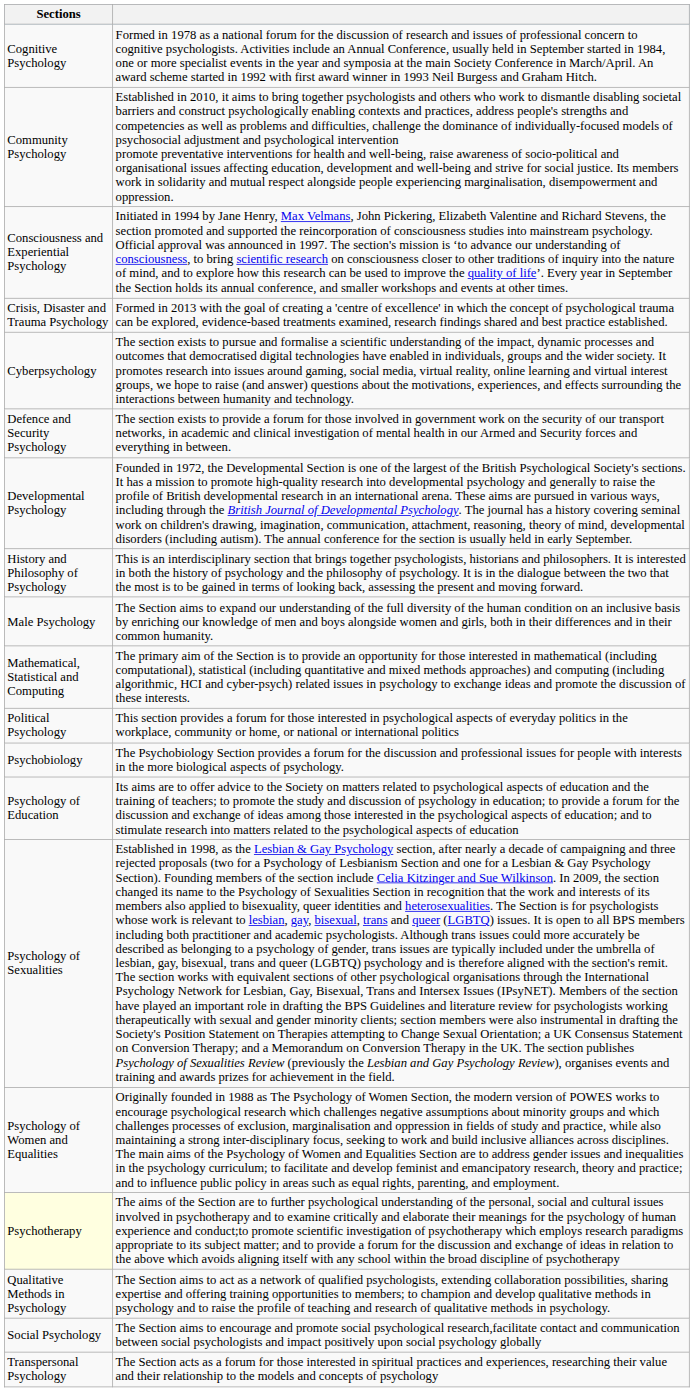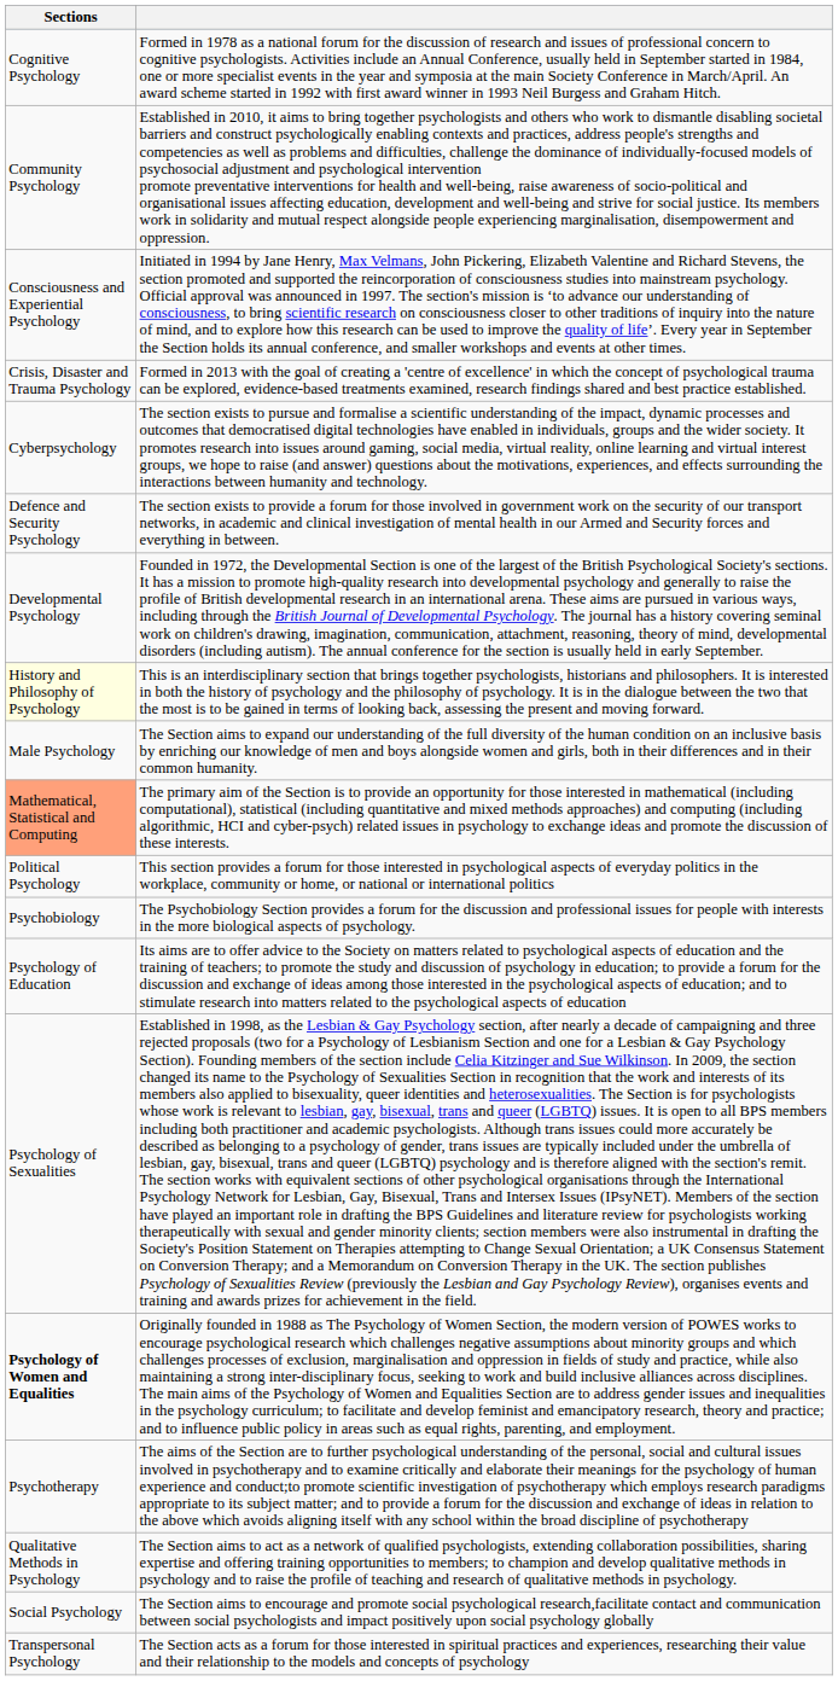 <table class="wikitable">
 <tr style="background:#adf;">
 <th>Sections</th>
 <th></th>
 </tr>
 <tr>
 <td>Cognitive Psychology</td>
 <td>Formed in 1978 as a national forum for the discussion of research and issues of professional concern to cognitive psychologists. Activities include an Annual Conference, usually held in September started in 1984, one or more specialist events in the year and symposia at the main Society Conference in March/April. An award scheme started in 1992 with first award winner in 1993 Neil Burgess and Graham Hitch.</td>
 </tr>
 <tr>
 <td>Community Psychology</td>
 <td>Established in 2010, it aims to bring together psychologists and others who work to dismantle disabling societal barriers and construct psychologically enabling contexts and practices, address people's strengths and competencies as well as problems and difficulties, challenge the dominance of individually-focused models of psychosocial adjustment and psychological intervention<br>promote preventative interventions for health and well-being, raise awareness of socio-political and organisational issues affecting education, development and well-being and strive for social justice. Its members work in solidarity and mutual respect alongside people experiencing marginalisation, disempowerment and oppression.</td>
 </tr>
 <tr>
 <td>Consciousness and Experiential Psychology</td>
 <td>Initiated in 1994 by Jane Henry, <a href='#'>Max Velmans</a>, John Pickering, Elizabeth Valentine and Richard Stevens, the section promoted and supported the reincorporation of consciousness studies into mainstream psychology. Official approval was announced in 1997. The section's mission is ‘to advance our understanding of <a href='#'>consciousness</a>,  to bring <a href='#'>scientific research</a> on consciousness closer to other traditions of inquiry into the nature of mind, and to explore how this research can be used to improve the <a href='#'>quality of life</a>’.  Every year in September the Section holds its annual conference, and smaller workshops and events at other times.</td>
 </tr>
 <tr>
 <td>Crisis, Disaster and Trauma Psychology</td>
 <td>Formed in 2013 with the goal of creating a 'centre of excellence' in which the concept of psychological trauma can be explored, evidence-based treatments examined, research findings shared and best practice established.</td>
 </tr>
 <tr>
 <td>Cyberpsychology</td>
 <td>The section exists to pursue and formalise a scientific understanding of the impact, dynamic processes and outcomes that democratised digital technologies have enabled in individuals, groups and the wider society. It promotes research into issues around gaming, social media, virtual reality, online learning and virtual interest groups, we hope to raise (and answer) questions about the motivations, experiences, and effects surrounding the interactions between humanity and technology.</td>
 </tr>
 <tr>
 <td>Defence and Security Psychology</td>
 <td>The section exists to provide a forum for those involved in government work on the security of our transport networks, in academic and clinical investigation of mental health in our Armed and Security forces and everything in between.</td>
 </tr>
 <tr>
 <td>Developmental Psychology</td>
 <td>Founded in 1972, the Developmental Section is one of the largest of the British Psychological Society's sections. It has a mission to promote high-quality research into developmental psychology and generally to raise the profile of British developmental research in an international arena. These aims are pursued in various ways, including through the <em><a href='#'>British Journal of Developmental Psychology</a></em>. The journal has a history covering seminal work on children's drawing, imagination, communication, attachment, reasoning, theory of mind, developmental disorders (including autism). The annual conference for the section is usually held in early September.</td>
 </tr>
 <tr>
-<td>History and Philosophy of Psychology</td>
+<td style="background: lightyellow;">History and Philosophy of Psychology</td>
 <td>This is an interdisciplinary section that brings together psychologists, historians and philosophers. It is interested in both the history of psychology and the philosophy of psychology.  It is in the dialogue between the two that the most is to be gained in terms of looking back, assessing the present and moving forward.</td>
 </tr>
 <tr>
 <td>Male Psychology</td>
 <td>The Section aims to expand our understanding of the full diversity of the human condition on an inclusive basis by enriching our knowledge of men and boys alongside women and girls, both in their differences and in their common humanity.</td>
 </tr>
 <tr>
-<td>Mathematical, Statistical and Computing</td>
+<td style="background: lightsalmon;">Mathematical, Statistical and Computing</td>
 <td>The primary aim of the Section is to provide an opportunity for those interested in mathematical (including computational), statistical (including quantitative and mixed methods approaches) and computing (including algorithmic, HCI and cyber-psych) related issues in psychology to exchange ideas and promote the discussion of these interests.</td>
 </tr>
 <tr>
 <td>Political Psychology</td>
 <td>This section provides a forum for those interested in psychological aspects of everyday politics in the workplace, community or home, or national or international politics</td>
 </tr>
 <tr>
 <td>Psychobiology</td>
 <td>The Psychobiology Section provides a forum for the discussion and professional issues for people with interests in the more biological aspects of psychology.</td>
 </tr>
 <tr>
 <td>Psychology of Education</td>
 <td>Its aims are to offer advice to the Society on matters related to psychological aspects of education and the training of teachers; to promote the study and discussion of psychology in education; to provide a forum for the discussion and exchange of ideas among those interested in the psychological aspects of education; and to stimulate research into matters related to the psychological aspects of education</td>
 </tr>
 <tr>
 <td>Psychology of Sexualities</td>
 <td>Established in 1998, as the <a href='#'>Lesbian & Gay Psychology</a> section, after nearly a decade of campaigning and three rejected proposals (two for a Psychology of Lesbianism Section and one for a Lesbian & Gay Psychology Section). Founding members of the section include <a href='#'>Celia Kitzinger and Sue Wilkinson</a>. In 2009, the section changed its name to the Psychology of Sexualities Section in recognition that the work and interests of its members also applied to bisexuality, queer identities and <a href='#'>heterosexualities</a>.  The Section is for psychologists whose work is relevant to <a href='#'>lesbian</a>, <a href='#'>gay</a>, <a href='#'>bisexual</a>, <a href='#'>trans</a> and <a href='#'>queer</a> (<a href='#'>LGBTQ</a>) issues. It is open to all BPS members including both practitioner and academic psychologists. Although trans issues could more accurately be described as belonging to a psychology of gender, trans issues are typically included under the umbrella of lesbian, gay, bisexual, trans and queer (LGBTQ) psychology and is therefore aligned with the section's remit.<br>The section works with equivalent sections of other psychological organisations through the International Psychology Network for Lesbian, Gay, Bisexual, Trans and Intersex Issues (IPsyNET). Members of the section have played an important role in drafting the BPS Guidelines and literature review for psychologists working therapeutically with sexual and gender minority clients; section members were also instrumental in drafting the Society's Position Statement on Therapies attempting to Change Sexual Orientation; a UK Consensus Statement on Conversion Therapy; and a Memorandum on Conversion Therapy in the UK. The section publishes <em>Psychology of Sexualities Review</em> (previously the <em>Lesbian and Gay Psychology Review</em>), organises events and training and awards prizes for achievement in the field.</td>
 </tr>
 <tr>
-<td>Psychology of Women and Equalities</td>
+<td><strong>Psychology of Women and Equalities</strong></td>
 <td>Originally founded in 1988 as The Psychology of Women Section, the modern version of POWES works to encourage psychological research which challenges negative assumptions about minority groups and which challenges processes of exclusion, marginalisation and oppression in fields of study and practice, while also maintaining a strong inter-disciplinary focus, seeking to work and build inclusive alliances across disciplines. The main aims of the Psychology of Women and Equalities Section are to address gender issues and inequalities in the psychology curriculum; to facilitate and develop feminist and emancipatory research, theory and practice; and to influence public policy in areas such as equal rights, parenting, and employment.</td>
 </tr>
 <tr>
-<td style="background: lightyellow;">Psychotherapy</td>
+<td>Psychotherapy</td>
 <td>The aims of the Section are to further psychological understanding of the personal, social and cultural issues involved in psychotherapy and to examine critically and elaborate their meanings for the psychology of human experience and conduct;to promote scientific investigation of psychotherapy which employs research paradigms appropriate to its subject matter; and to provide a forum for the discussion and exchange of ideas in relation to the above which avoids aligning itself with any school within the broad discipline of psychotherapy</td>
 </tr>
 <tr>
 <td>Qualitative Methods in Psychology</td>
 <td>The Section aims to act as a network of qualified psychologists, extending collaboration possibilities, sharing expertise and offering training opportunities to members; to champion and develop qualitative methods in psychology and to raise the profile of teaching and research of qualitative methods in psychology.</td>
 </tr>
 <tr>
 <td>Social Psychology</td>
 <td>The Section  aims to encourage and promote social psychological research,facilitate contact and communication between social psychologists and impact positively upon social psychology globally</td>
 </tr>
 <tr>
 <td>Transpersonal Psychology</td>
 <td>The Section acts as a forum for those interested in spiritual practices and experiences, researching their value and their relationship to the models and concepts of psychology</td>
 </tr>
 </table>
